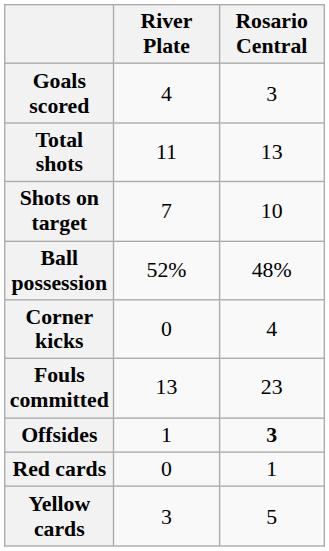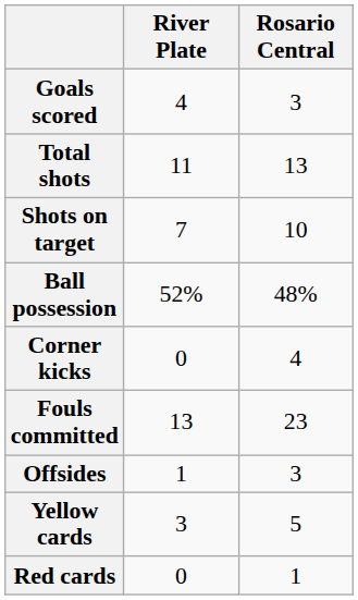 <table class="wikitable" style="text-align: center; margin: 0 auto;">
 <tr>
 <th scope="col" style="width:70px"></th>
 <th scope="col" style="width:70px">River Plate</th>
 <th scope="col" style="width:70px">Rosario Central</th>
 </tr>
 <tr>
 <th scope=row>Goals scored</th>
 <td>4</td>
 <td>3</td>
 </tr>
 <tr>
 <th scope=row>Total shots</th>
 <td>11</td>
 <td>13</td>
 </tr>
 <tr>
 <th scope=row>Shots on target</th>
 <td>7</td>
 <td>10</td>
 </tr>
 <tr>
 <th scope=row>Ball possession</th>
 <td>52%</td>
 <td>48%</td>
 </tr>
 <tr>
 <th scope=row>Corner kicks</th>
 <td>0</td>
 <td>4</td>
 </tr>
 <tr>
 <th scope=row>Fouls committed</th>
 <td>13</td>
 <td>23</td>
 </tr>
 <tr>
 <th scope=row>Offsides</th>
 <td>1</td>
-<td><strong>3</strong></td>
+<td>3</td>
+</tr>
+<tr>
+<th scope=row>Yellow cards</th>
+<td>3</td>
+<td>5</td>
 </tr>
 <tr>
 <th scope=row>Red cards</th>
 <td>0</td>
 <td>1</td>
 </tr>
-<tr>
-<th scope=row>Yellow cards</th>
-<td>3</td>
-<td>5</td>
-</tr>
 </table>
